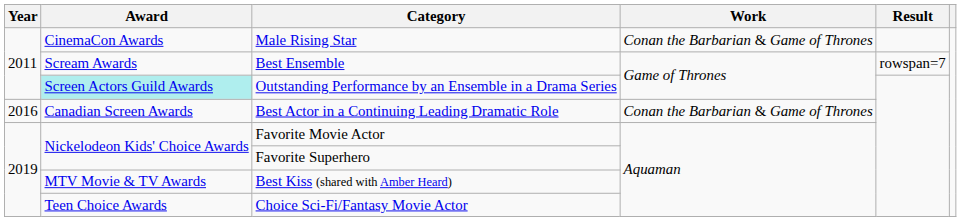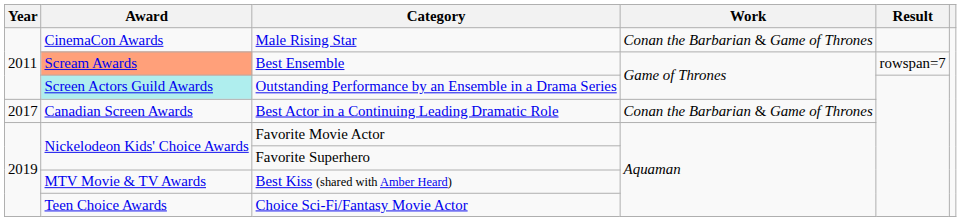 <table class="wikitable sortable">
 <tr>
 <th>Year</th>
 <th>Award</th>
 <th>Category</th>
 <th>Work</th>
 <th>Result</th>
 <th class="unsortable"></th>
 </tr>
 <tr>
 <td rowspan=3>2011</td>
 <td><a href='#'>CinemaCon Awards</a></td>
 <td><a href='#'>Male Rising Star</a></td>
 <td><em>Conan the Barbarian</em> & <em>Game of Thrones</em></td>
 <td></td>
 <td rowspan=8></td>
 </tr>
 <tr>
-<td><a href='#'>Scream Awards</a></td>
+<td style="background: lightsalmon;"><a href='#'>Scream Awards</a></td>
 <td><a href='#'>Best Ensemble</a></td>
 <td rowspan=2><em>Game of Thrones</em></td>
 <td>rowspan=7 </td>
 </tr>
 <tr>
 <td style="background: paleturquoise;"><a href='#'>Screen Actors Guild Awards</a></td>
 <td><a href='#'>Outstanding Performance by an Ensemble in a Drama Series</a></td>
 </tr>
 <tr>
-<td>2016</td>
+<td>2017</td>
 <td><a href='#'>Canadian Screen Awards</a></td>
 <td><a href='#'>Best Actor in a Continuing Leading Dramatic Role</a></td>
 <td><em>Conan the Barbarian</em> & <em>Game of Thrones</em></td>
 </tr>
 <tr>
 <td rowspan=4>2019</td>
 <td rowspan=2><a href='#'>Nickelodeon Kids' Choice Awards</a></td>
 <td>Favorite Movie Actor</td>
 <td rowspan=4><em>Aquaman</em></td>
 </tr>
 <tr>
 <td>Favorite Superhero</td>
 </tr>
 <tr>
 <td><a href='#'>MTV Movie & TV Awards</a></td>
 <td><a href='#'>Best Kiss</a> <small>(shared with <a href='#'>Amber Heard</a>)</small></td>
 </tr>
 <tr>
 <td><a href='#'>Teen Choice Awards</a></td>
 <td><a href='#'>Choice Sci-Fi/Fantasy Movie Actor</a></td>
 </tr>
 </table>
